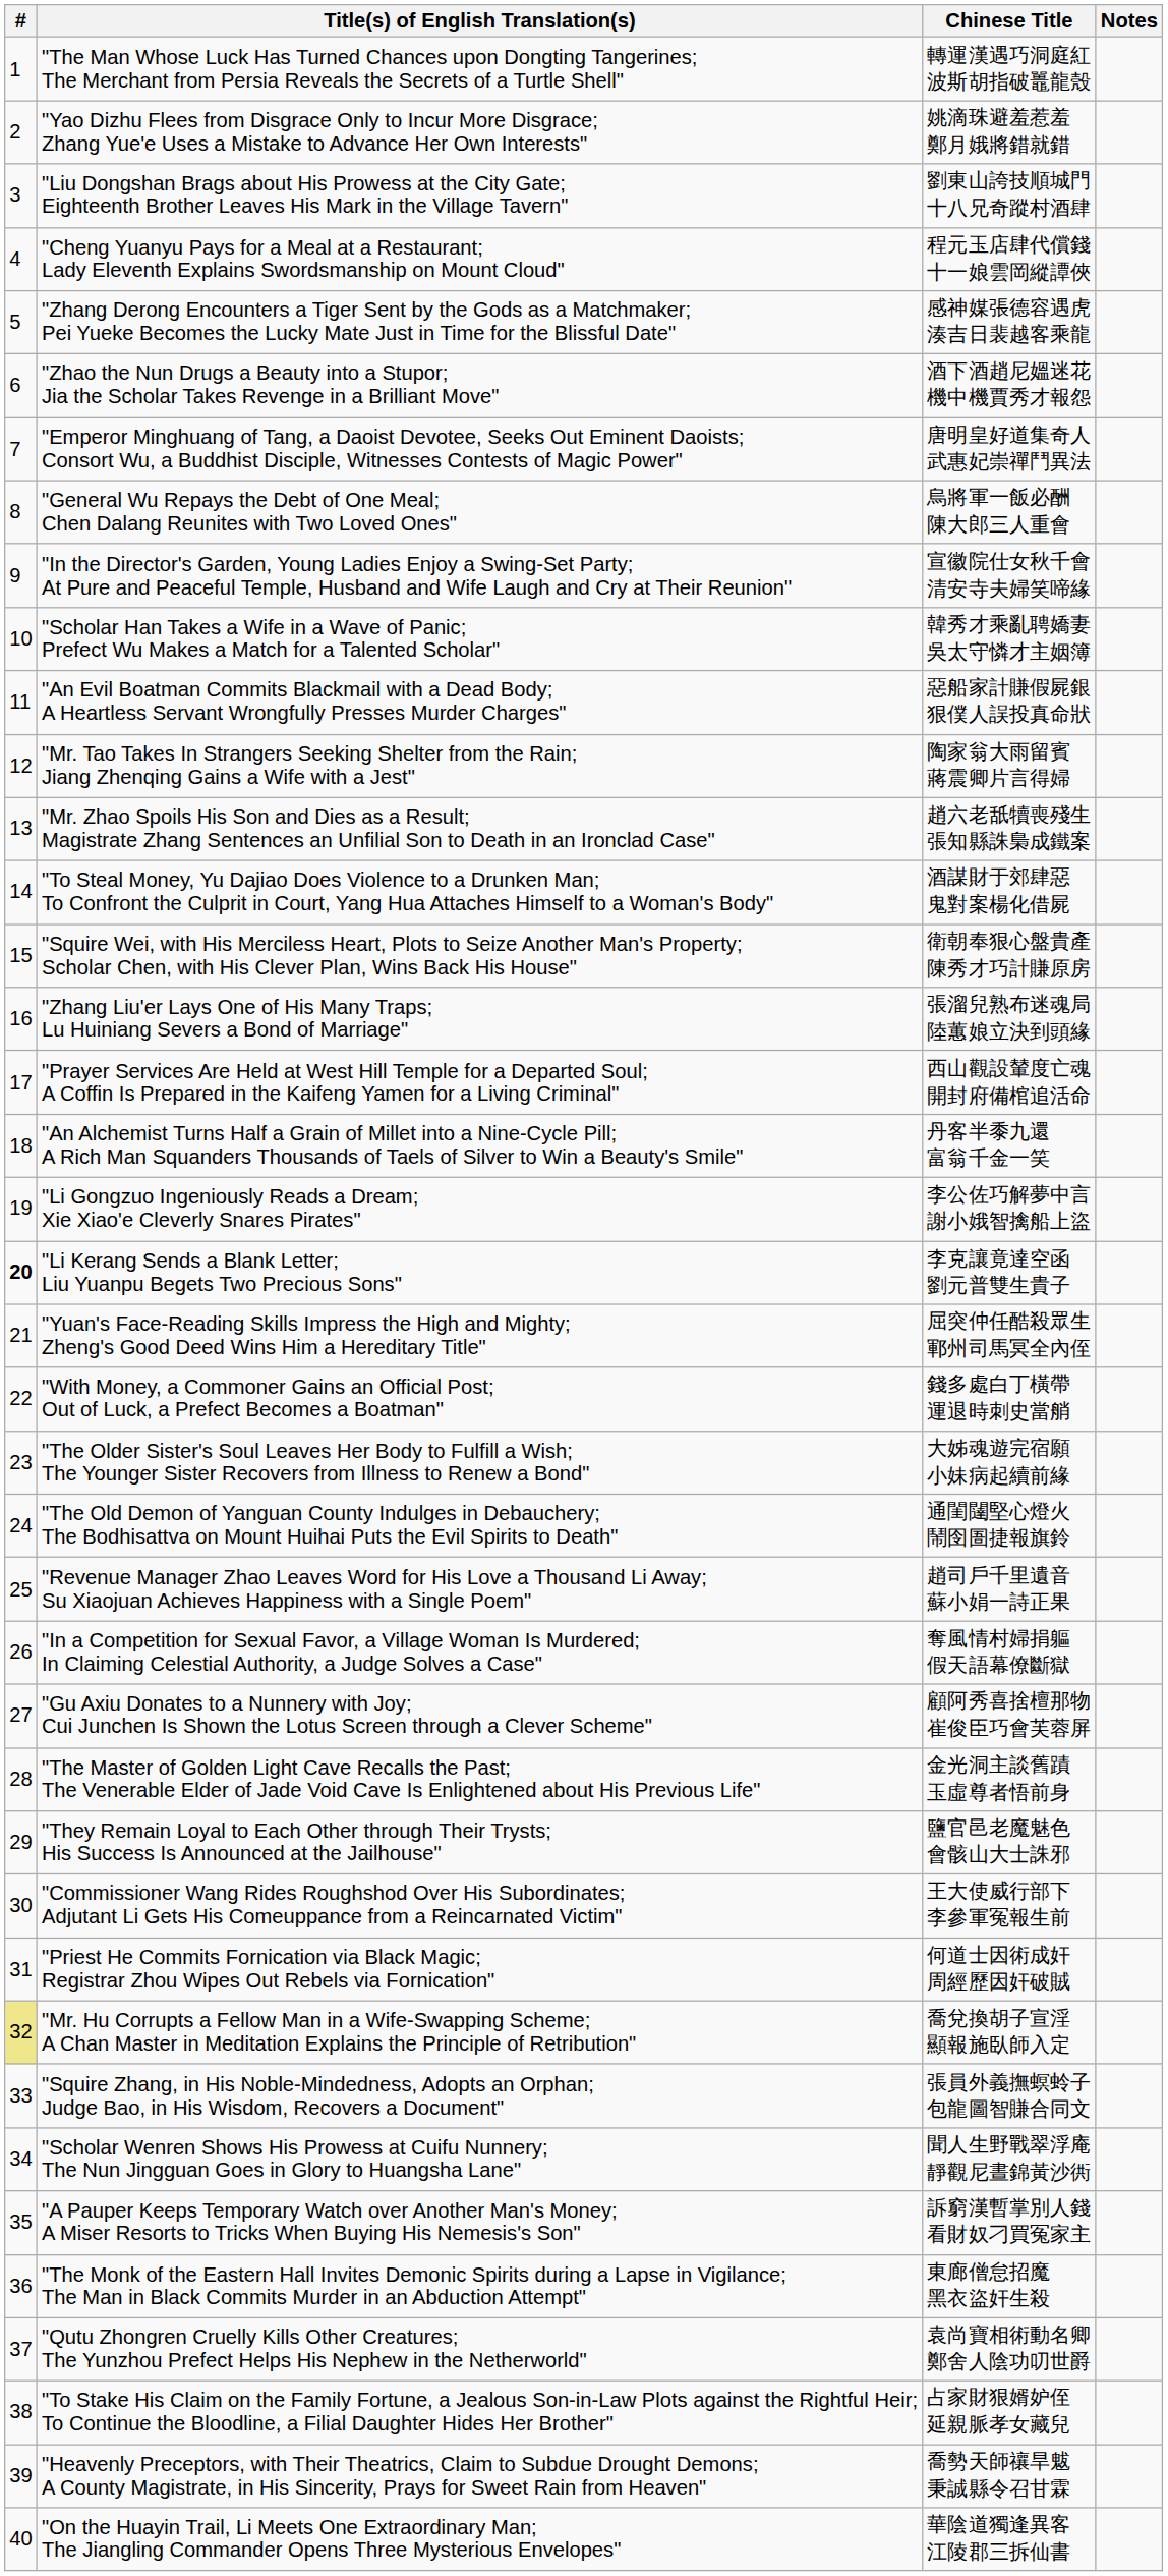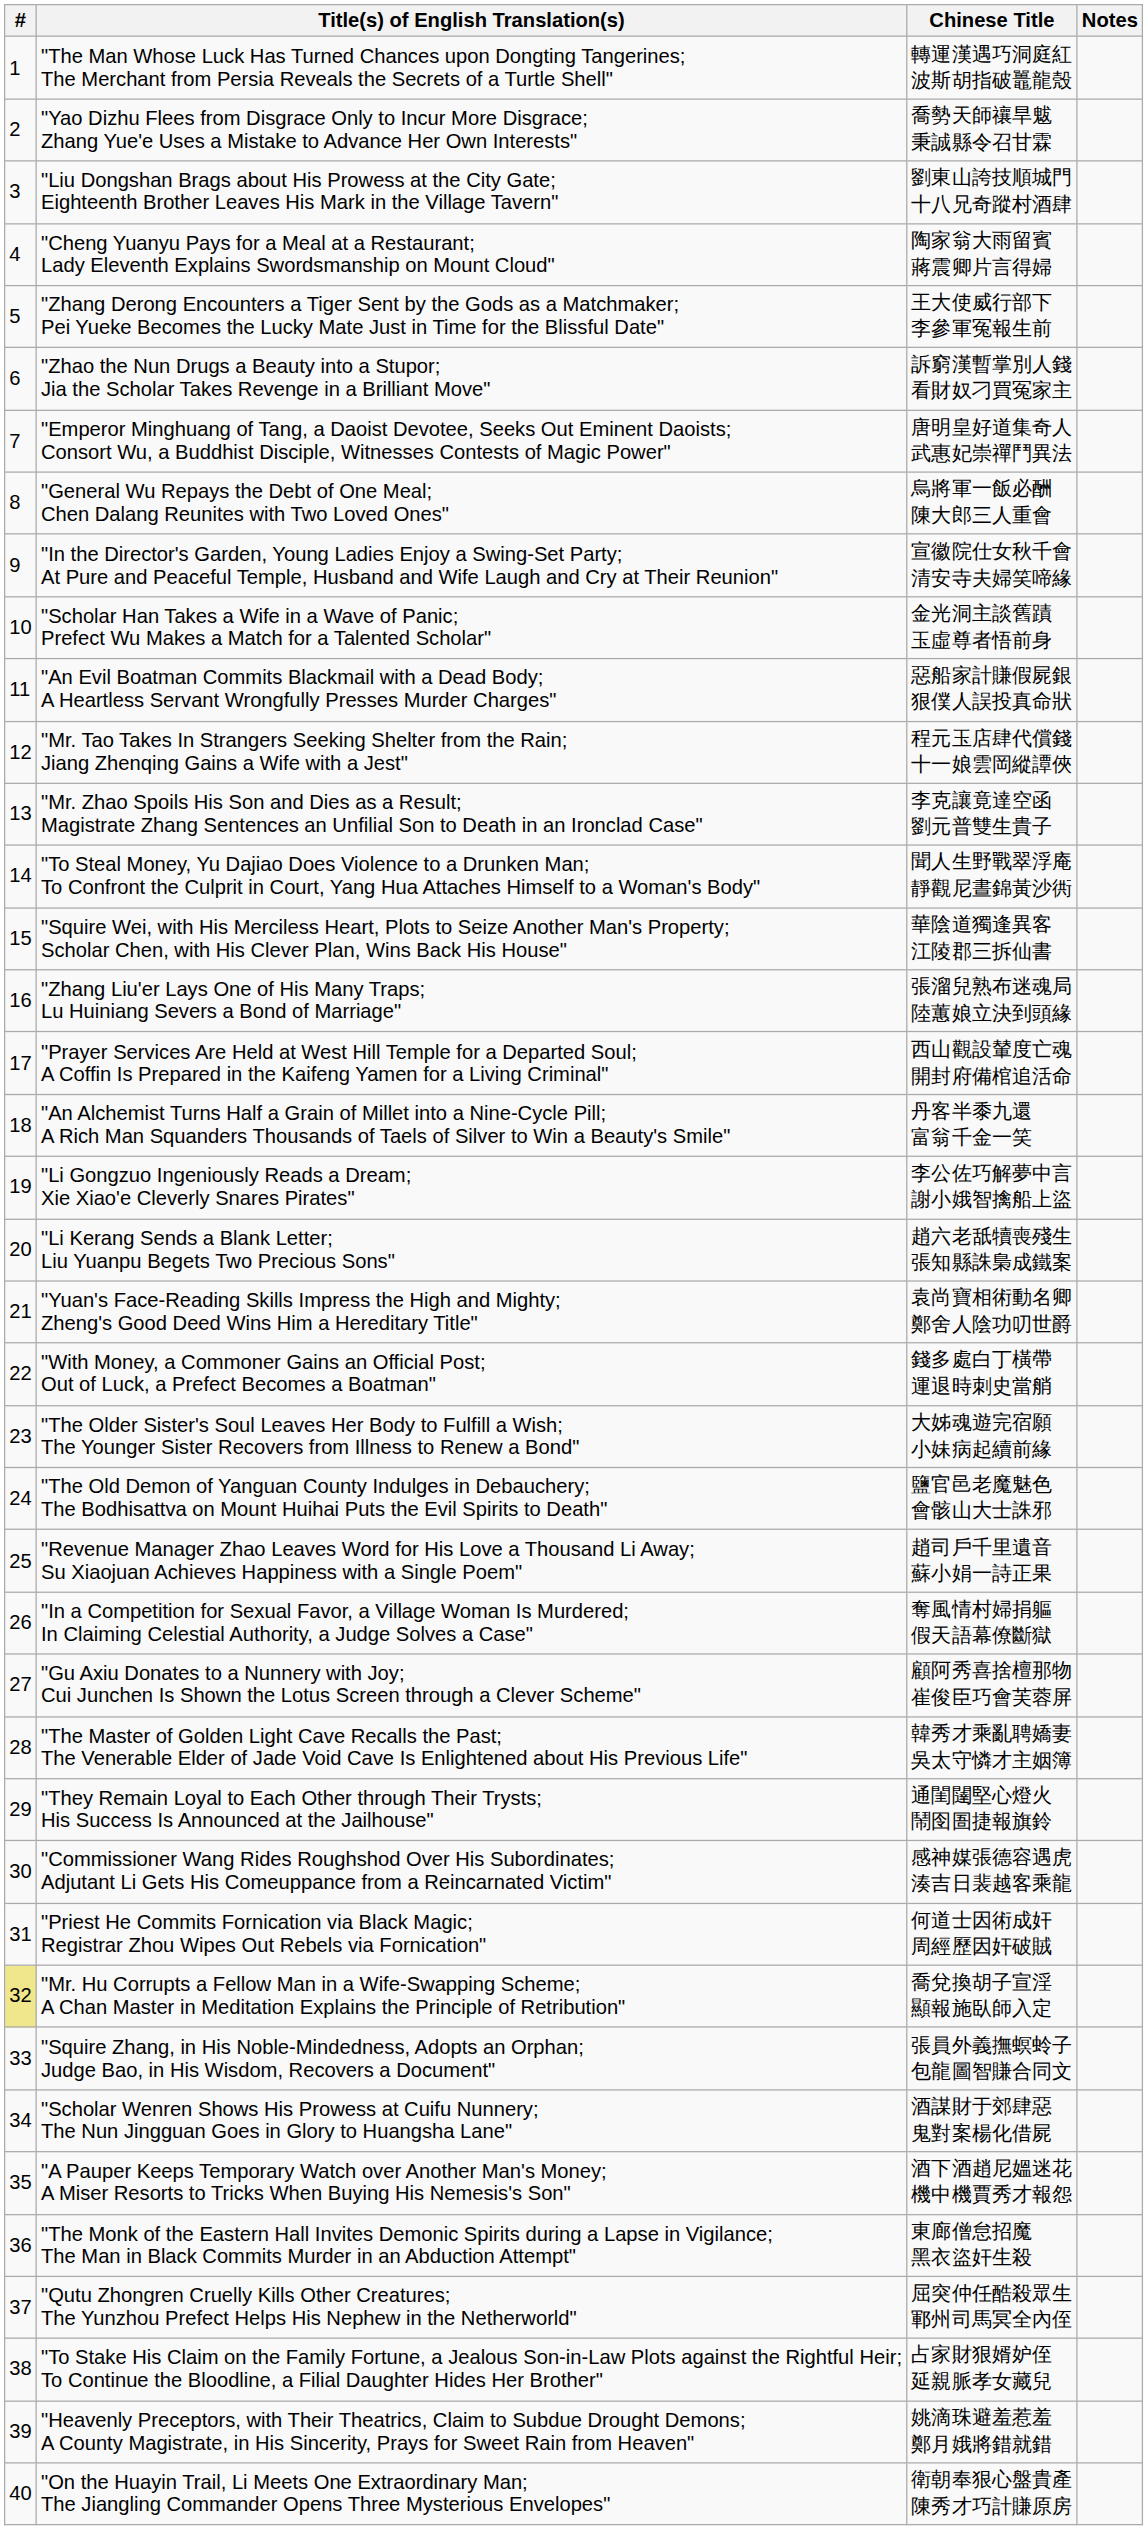 <table class="wikitable">
 <tr>
 <th>#</th>
 <th>Title(s) of English Translation(s)</th>
 <th>Chinese Title</th>
 <th>Notes</th>
 </tr>
 <tr>
 <td>1</td>
 <td>"The Man Whose Luck Has Turned Chances upon Dongting Tangerines;<br>The Merchant from Persia Reveals the Secrets of a Turtle Shell"</td>
 <td>轉運漢遇巧洞庭紅<br>波斯胡指破鼉龍殼</td>
 <td></td>
 </tr>
 <tr>
 <td>2</td>
 <td>"Yao Dizhu Flees from Disgrace Only to Incur More Disgrace;<br>Zhang Yue'e Uses a Mistake to Advance Her Own Interests"</td>
-<td>姚滴珠避羞惹羞<br>鄭月娥將錯就錯</td>
+<td>喬勢天師禳旱魃<br>秉誠縣令召甘霖</td>
 <td></td>
 </tr>
 <tr>
 <td>3</td>
 <td>"Liu Dongshan Brags about His Prowess at the City Gate;<br>Eighteenth Brother Leaves His Mark in the Village Tavern"</td>
 <td>劉東山誇技順城門<br>十八兄奇蹤村酒肆</td>
 <td></td>
 </tr>
 <tr>
 <td>4</td>
 <td>"Cheng Yuanyu Pays for a Meal at a Restaurant;<br>Lady Eleventh Explains Swordsmanship on Mount Cloud"</td>
-<td>程元玉店肆代償錢<br>十一娘雲岡縱譚俠</td>
+<td>陶家翁大雨留賓<br>蔣震卿片言得婦</td>
 <td></td>
 </tr>
 <tr>
 <td>5</td>
 <td>"Zhang Derong Encounters a Tiger Sent by the Gods as a Matchmaker;<br>Pei Yueke Becomes the Lucky Mate Just in Time for the Blissful Date"</td>
-<td>感神媒張德容遇虎<br>湊吉日裴越客乘龍</td>
+<td>王大使威行部下<br>李參軍冤報生前</td>
 <td></td>
 </tr>
 <tr>
 <td>6</td>
 <td>"Zhao the Nun Drugs a Beauty into a Stupor;<br>Jia the Scholar Takes Revenge in a Brilliant Move"</td>
-<td>酒下酒趙尼媼迷花<br>機中機賈秀才報怨</td>
+<td>訴窮漢暫掌別人錢<br>看財奴刁買冤家主</td>
 <td></td>
 </tr>
 <tr>
 <td>7</td>
 <td>"Emperor Minghuang of Tang, a Daoist Devotee, Seeks Out Eminent Daoists;<br>Consort Wu, a Buddhist Disciple, Witnesses Contests of Magic Power"</td>
 <td>唐明皇好道集奇人<br>武惠妃崇禪鬥異法</td>
 <td></td>
 </tr>
 <tr>
 <td>8</td>
 <td>"General Wu Repays the Debt of One Meal;<br>Chen Dalang Reunites with Two Loved Ones"</td>
 <td>烏將軍一飯必酬<br>陳大郎三人重會</td>
 <td></td>
 </tr>
 <tr>
 <td>9</td>
 <td>"In the Director's Garden, Young Ladies Enjoy a Swing-Set Party;<br>At Pure and Peaceful Temple, Husband and Wife Laugh and Cry at Their Reunion"</td>
 <td>宣徽院仕女秋千會<br>清安寺夫婦笑啼緣</td>
 <td></td>
 </tr>
 <tr>
 <td>10</td>
 <td>"Scholar Han Takes a Wife in a Wave of Panic;<br>Prefect Wu Makes a Match for a Talented Scholar"</td>
-<td>韓秀才乘亂聘嬌妻<br>吳太守憐才主姻簿</td>
+<td>金光洞主談舊蹟<br>玉虛尊者悟前身</td>
 <td></td>
 </tr>
 <tr>
 <td>11</td>
 <td>"An Evil Boatman Commits Blackmail with a Dead Body;<br>A Heartless Servant Wrongfully Presses Murder Charges"</td>
 <td>惡船家計賺假屍銀<br>狠僕人誤投真命狀</td>
 <td></td>
 </tr>
 <tr>
 <td>12</td>
 <td>"Mr. Tao Takes In Strangers Seeking Shelter from the Rain;<br>Jiang Zhenqing Gains a Wife with a Jest"</td>
-<td>陶家翁大雨留賓<br>蔣震卿片言得婦</td>
+<td>程元玉店肆代償錢<br>十一娘雲岡縱譚俠</td>
 <td></td>
 </tr>
 <tr>
 <td>13</td>
 <td>"Mr. Zhao Spoils His Son and Dies as a Result;<br>Magistrate Zhang Sentences an Unfilial Son to Death in an Ironclad Case"</td>
-<td>趙六老舐犢喪殘生<br>張知縣誅梟成鐵案</td>
+<td>李克讓竟達空函<br>劉元普雙生貴子</td>
 <td></td>
 </tr>
 <tr>
 <td>14</td>
 <td>"To Steal Money, Yu Dajiao Does Violence to a Drunken Man;<br>To Confront the Culprit in Court, Yang Hua Attaches Himself to a Woman's Body"</td>
-<td>酒謀財于郊肆惡<br>鬼對案楊化借屍</td>
+<td>聞人生野戰翠浮庵<br>靜觀尼晝錦黃沙衖</td>
 <td></td>
 </tr>
 <tr>
 <td>15</td>
 <td>"Squire Wei, with His Merciless Heart, Plots to Seize Another Man's Property;<br>Scholar Chen, with His Clever Plan, Wins Back His House"</td>
-<td>衛朝奉狠心盤貴產<br>陳秀才巧計賺原房</td>
+<td>華陰道獨逢異客<br>江陵郡三拆仙書</td>
 <td></td>
 </tr>
 <tr>
 <td>16</td>
 <td>"Zhang Liu'er Lays One of His Many Traps;<br>Lu Huiniang Severs a Bond of Marriage"</td>
 <td>張溜兒熟布迷魂局<br>陸蕙娘立決到頭緣</td>
 <td></td>
 </tr>
 <tr>
 <td>17</td>
 <td>"Prayer Services Are Held at West Hill Temple for a Departed Soul;<br>A Coffin Is Prepared in the Kaifeng Yamen for a Living Criminal"</td>
 <td>西山觀設輦度亡魂<br>開封府備棺追活命</td>
 <td></td>
 </tr>
 <tr>
 <td>18</td>
 <td>"An Alchemist Turns Half a Grain of Millet into a Nine-Cycle Pill;<br>A Rich Man Squanders Thousands of Taels of Silver to Win a Beauty's Smile"</td>
 <td>丹客半黍九還<br>富翁千金一笑</td>
 <td></td>
 </tr>
 <tr>
 <td>19</td>
 <td>"Li Gongzuo Ingeniously Reads a Dream;<br>Xie Xiao'e Cleverly Snares Pirates"</td>
 <td>李公佐巧解夢中言<br>謝小娥智擒船上盜</td>
 <td></td>
 </tr>
 <tr>
-<td><strong>20</strong></td>
+<td>20</td>
 <td>"Li Kerang Sends a Blank Letter;<br>Liu Yuanpu Begets Two Precious Sons"</td>
-<td>李克讓竟達空函<br>劉元普雙生貴子</td>
+<td>趙六老舐犢喪殘生<br>張知縣誅梟成鐵案</td>
 <td></td>
 </tr>
 <tr>
 <td>21</td>
 <td>"Yuan's Face-Reading Skills Impress the High and Mighty;<br>Zheng's Good Deed Wins Him a Hereditary Title"</td>
-<td>屈突仲任酷殺眾生<br>鄆州司馬冥全內侄</td>
+<td>袁尚寶相術動名卿<br>鄭舍人陰功叨世爵</td>
 <td></td>
 </tr>
 <tr>
 <td>22</td>
 <td>"With Money, a Commoner Gains an Official Post;<br>Out of Luck, a Prefect Becomes a Boatman"</td>
 <td>錢多處白丁橫帶<br>運退時刺史當艄</td>
 <td></td>
 </tr>
 <tr>
 <td>23</td>
 <td>"The Older Sister's Soul Leaves Her Body to Fulfill a Wish;<br>The Younger Sister Recovers from Illness to Renew a Bond"</td>
 <td>大姊魂遊完宿願<br>小妹病起續前緣</td>
 <td></td>
 </tr>
 <tr>
 <td>24</td>
 <td>"The Old Demon of Yanguan County Indulges in Debauchery;<br>The Bodhisattva on Mount Huihai Puts the Evil Spirits to Death"</td>
-<td>通閨闥堅心燈火<br>鬧囹圄捷報旗鈴</td>
+<td>鹽官邑老魔魅色<br>會骸山大士誅邪</td>
 <td></td>
 </tr>
 <tr>
 <td>25</td>
 <td>"Revenue Manager Zhao Leaves Word for His Love a Thousand Li Away;<br>Su Xiaojuan Achieves Happiness with a Single Poem"</td>
 <td>趙司戶千里遺音<br>蘇小娟一詩正果</td>
 <td></td>
 </tr>
 <tr>
 <td>26</td>
 <td>"In a Competition for Sexual Favor, a Village Woman Is Murdered;<br>In Claiming Celestial Authority, a Judge Solves a Case"</td>
 <td>奪風情村婦捐軀<br>假天語幕僚斷獄</td>
 <td></td>
 </tr>
 <tr>
 <td>27</td>
 <td>"Gu Axiu Donates to a Nunnery with Joy;<br>Cui Junchen Is Shown the Lotus Screen through a Clever Scheme"</td>
 <td>顧阿秀喜捨檀那物<br>崔俊臣巧會芙蓉屏</td>
 <td></td>
 </tr>
 <tr>
 <td>28</td>
 <td>"The Master of Golden Light Cave Recalls the Past;<br>The Venerable Elder of Jade Void Cave Is Enlightened about His Previous Life"</td>
-<td>金光洞主談舊蹟<br>玉虛尊者悟前身</td>
+<td>韓秀才乘亂聘嬌妻<br>吳太守憐才主姻簿</td>
 <td></td>
 </tr>
 <tr>
 <td>29</td>
 <td>"They Remain Loyal to Each Other through Their Trysts;<br>His Success Is Announced at the Jailhouse"</td>
-<td>鹽官邑老魔魅色<br>會骸山大士誅邪</td>
+<td>通閨闥堅心燈火<br>鬧囹圄捷報旗鈴</td>
 <td></td>
 </tr>
 <tr>
 <td>30</td>
 <td>"Commissioner Wang Rides Roughshod Over His Subordinates;<br>Adjutant Li Gets His Comeuppance from a Reincarnated Victim"</td>
-<td>王大使威行部下<br>李參軍冤報生前</td>
+<td>感神媒張德容遇虎<br>湊吉日裴越客乘龍</td>
 <td></td>
 </tr>
 <tr>
 <td>31</td>
 <td>"Priest He Commits Fornication via Black Magic;<br>Registrar Zhou Wipes Out Rebels via Fornication"</td>
 <td>何道士因術成奸<br>周經歷因奸破賊</td>
 <td></td>
 </tr>
 <tr>
 <td style="background: khaki;">32</td>
 <td>"Mr. Hu Corrupts a Fellow Man in a Wife-Swapping Scheme;<br>A Chan Master in Meditation Explains the Principle of Retribution"</td>
 <td>喬兌換胡子宣淫<br>顯報施臥師入定</td>
 <td></td>
 </tr>
 <tr>
 <td>33</td>
 <td>"Squire Zhang, in His Noble-Mindedness, Adopts an Orphan;<br>Judge Bao, in His Wisdom, Recovers a Document"</td>
 <td>張員外義撫螟蛉子<br>包龍圖智賺合同文</td>
 <td></td>
 </tr>
 <tr>
 <td>34</td>
 <td>"Scholar Wenren Shows His Prowess at Cuifu Nunnery;<br>The Nun Jingguan Goes in Glory to Huangsha Lane"</td>
-<td>聞人生野戰翠浮庵<br>靜觀尼晝錦黃沙衖</td>
+<td>酒謀財于郊肆惡<br>鬼對案楊化借屍</td>
 <td></td>
 </tr>
 <tr>
 <td>35</td>
 <td>"A Pauper Keeps Temporary Watch over Another Man's Money;<br>A Miser Resorts to Tricks When Buying His Nemesis's Son"</td>
-<td>訴窮漢暫掌別人錢<br>看財奴刁買冤家主</td>
+<td>酒下酒趙尼媼迷花<br>機中機賈秀才報怨</td>
 <td></td>
 </tr>
 <tr>
 <td>36</td>
 <td>"The Monk of the Eastern Hall Invites Demonic Spirits during a Lapse in Vigilance;<br>The Man in Black Commits Murder in an Abduction Attempt"</td>
 <td>東廊僧怠招魔<br>黑衣盜奸生殺</td>
 <td></td>
 </tr>
 <tr>
 <td>37</td>
 <td>"Qutu Zhongren Cruelly Kills Other Creatures;<br>The Yunzhou Prefect Helps His Nephew in the Netherworld"</td>
-<td>袁尚寶相術動名卿<br>鄭舍人陰功叨世爵</td>
+<td>屈突仲任酷殺眾生<br>鄆州司馬冥全內侄</td>
 <td></td>
 </tr>
 <tr>
 <td>38</td>
 <td>"To Stake His Claim on the Family Fortune, a Jealous Son-in-Law Plots against the Rightful Heir;<br>To Continue the Bloodline, a Filial Daughter Hides Her Brother"</td>
 <td>占家財狠婿妒侄<br>延親脈孝女藏兒</td>
 <td></td>
 </tr>
 <tr>
 <td>39</td>
 <td>"Heavenly Preceptors, with Their Theatrics, Claim to Subdue Drought Demons;<br>A County Magistrate, in His Sincerity, Prays for Sweet Rain from Heaven"</td>
-<td>喬勢天師禳旱魃<br>秉誠縣令召甘霖</td>
+<td>姚滴珠避羞惹羞<br>鄭月娥將錯就錯</td>
 <td></td>
 </tr>
 <tr>
 <td>40</td>
 <td>"On the Huayin Trail, Li Meets One Extraordinary Man;<br>The Jiangling Commander Opens Three Mysterious Envelopes"</td>
-<td>華陰道獨逢異客<br>江陵郡三拆仙書</td>
+<td>衛朝奉狠心盤貴產<br>陳秀才巧計賺原房</td>
 <td></td>
 </tr>
 </table>
